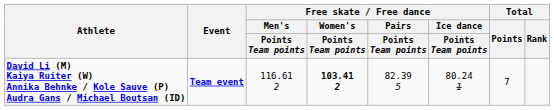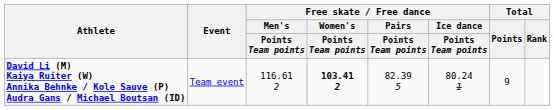 <table class=wikitable style=font-size:90%>
 <tr>
 <th rowspan=3>Athlete</th>
 <th rowspan=3>Event</th>
 <th colspan=4>Free skate / Free dance</th>
 <th colspan=2>Total</th>
 </tr>
 <tr style=font-size:95%>
 <th>Men's</th>
 <th>Women's</th>
 <th>Pairs</th>
 <th>Ice dance</th>
 <th rowspan=2>Points</th>
 <th rowspan=2>Rank</th>
 </tr>
 <tr style=font-size:95%>
 <th>Points<br><em>Team points</em></th>
 <th>Points<br><em>Team points</em></th>
 <th>Points<br><em>Team points</em></th>
 <th>Points<br><em>Team points</em></th>
 </tr>
 <tr align=center>
 <td align=left><strong><a href='#'>David Li</a> (M)<br><a href='#'>Kaiya Ruiter</a> (W)<br><a href='#'>Annika Behnke</a> / <a href='#'>Kole Sauve</a> (P)<br><a href='#'>Audra Gans</a> / <a href='#'>Michael Boutsan</a> (ID)</strong></td>
-<td align=left><strong><a href='#'>Team event</a></strong></td>
+<td align=left><a href='#'>Team event</a></td>
 <td>116.61<br><em>2</em></td>
 <td><strong>103.41<br><em>2</em></strong></td>
 <td>82.39<br><em>5</em></td>
 <td>80.24<br><s><em>1</em></s></td>
-<td>7</td>
+<td>9</td>
 <td></td>
 </tr>
 </table>
